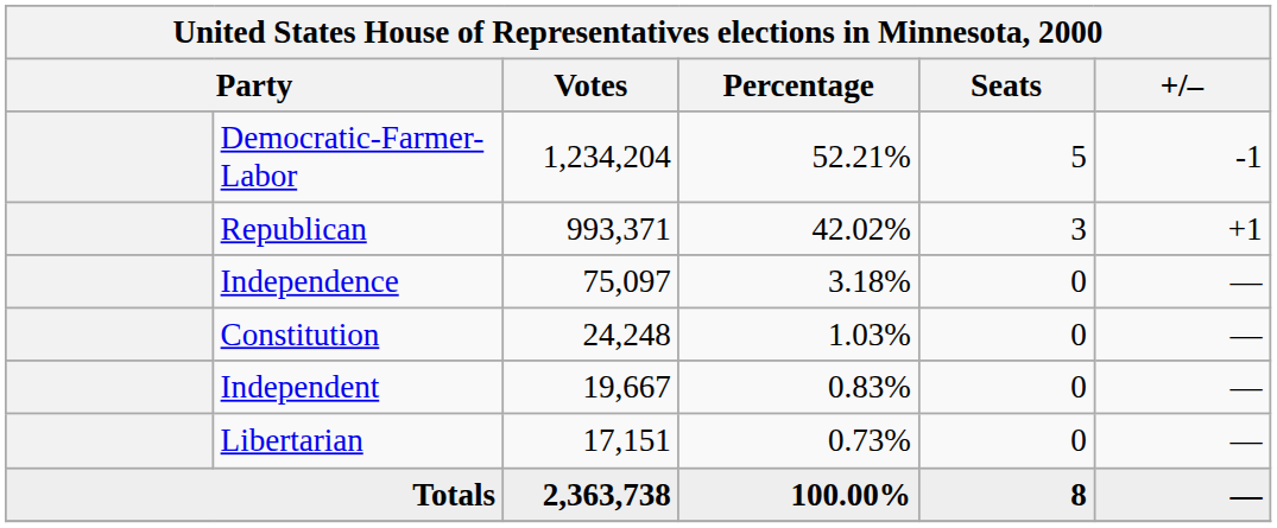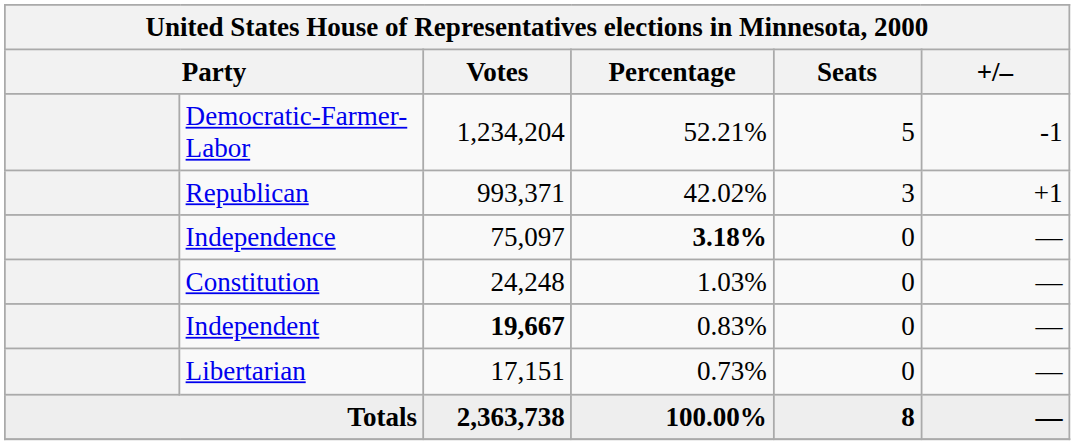 <table class="wikitable" style="font-size: 95%;">
 <tr>
 <th colspan="6">United States House of Representatives elections in Minnesota, 2000 </th>
 </tr>
 <tr>
 <th colspan=2 style="width: 15em">Party</th>
 <th style="width: 5em">Votes</th>
 <th style="width: 7em">Percentage</th>
 <th style="width: 5em">Seats</th>
 <th style="width: 5em">+/–</th>
 </tr>
 <tr>
 <th style="background-color:"></th>
 <td style="width: 130px"><a href='#'>Democratic-Farmer-Labor</a></td>
 <td align="right">1,234,204</td>
 <td align="right">52.21%</td>
 <td align="right">5</td>
 <td align="right">-1</td>
 </tr>
 <tr>
 <th style="background-color:"></th>
 <td style="width: 130px"><a href='#'>Republican</a></td>
 <td align="right">993,371</td>
 <td align="right">42.02%</td>
 <td align="right">3</td>
 <td align="right">+1</td>
 </tr>
 <tr>
 <th style="background-color:"></th>
 <td style="width: 130px"><a href='#'>Independence</a></td>
 <td align="right">75,097</td>
-<td align="right">3.18%</td>
+<td align="right"><strong>3.18%</strong></td>
 <td align="right">0</td>
 <td align="right">—</td>
 </tr>
 <tr>
 <th style="background-color:"></th>
 <td style="width: 130px"><a href='#'>Constitution</a></td>
 <td align="right">24,248</td>
 <td align="right">1.03%</td>
 <td align="right">0</td>
 <td align="right">—</td>
 </tr>
 <tr>
 <th style="background-color:"></th>
 <td style="width: 130px"><a href='#'>Independent</a></td>
-<td align="right">19,667</td>
+<td align="right"><strong>19,667</strong></td>
 <td align="right">0.83%</td>
 <td align="right">0</td>
 <td align="right">—</td>
 </tr>
 <tr>
 <th style="background-color:"></th>
 <td style="width: 130px"><a href='#'>Libertarian</a></td>
 <td align="right">17,151</td>
 <td align="right">0.73%</td>
 <td align="right">0</td>
 <td align="right">—</td>
 </tr>
 <tr bgcolor="#EEEEEE">
 <td colspan="2" align="right"><strong>Totals</strong></td>
 <td align="right"><strong>2,363,738</strong></td>
 <td align="right"><strong>100.00%</strong></td>
 <td align="right"><strong>8</strong></td>
 <td align="right"><strong>—</strong></td>
 </tr>
 <tr bgcolor="#EEEEEE">
 </tr>
 </table>
